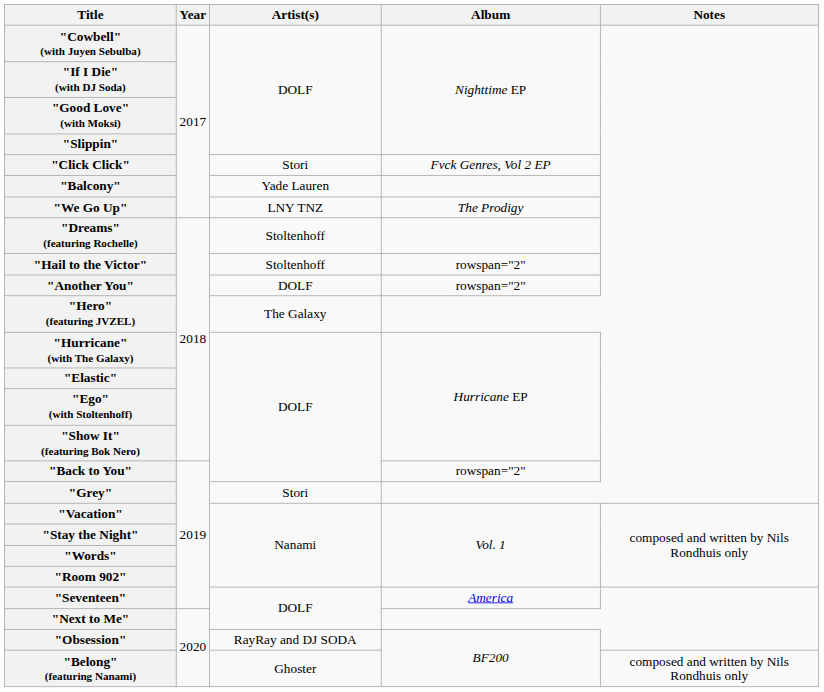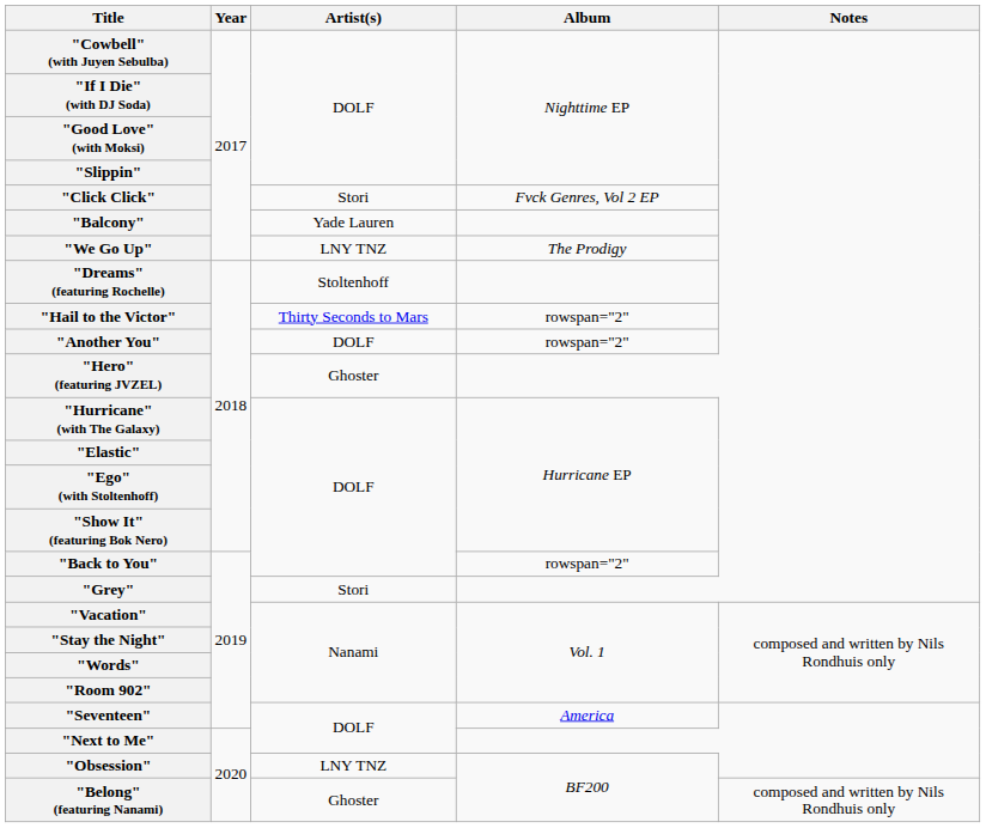 <table class="wikitable plainrowheaders" style="text-align:center;">
 <tr>
 <th scope="col" style="width:200px;">Title</th>
 <th scope="col">Year</th>
 <th scope="col" style="width:200px;">Artist(s)</th>
 <th scope="col" style="width:16em;">Album</th>
 <th scope="col" style="width:16em;">Notes</th>
 </tr>
 <tr>
 <th scope="row">"Cowbell"<br><small>(with Juyen Sebulba)</small></th>
 <td rowspan="7">2017</td>
 <td rowspan="4">DOLF</td>
 <td rowspan="4"><em>Nighttime</em> EP</td>
 </tr>
 <tr>
 <th scope="row">"If I Die"<br><small>(with DJ Soda)</small></th>
 </tr>
 <tr>
 <th scope="row">"Good Love"<br><small>(with Moksi)</small></th>
 </tr>
 <tr>
 <th scope="row">"Slippin"</th>
 </tr>
 <tr>
 <th scope="row">"Click Click"</th>
 <td>Stori</td>
 <td><em>Fvck Genres, Vol 2 EP</em></td>
 </tr>
 <tr>
 <th scope="row">"Balcony"</th>
 <td>Yade Lauren</td>
 <td></td>
 </tr>
 <tr>
 <th scope="row">"We Go Up"</th>
 <td>LNY TNZ</td>
 <td><em> The Prodigy</em></td>
 </tr>
 <tr>
 <th scope="row">"Dreams"<br><small>(featuring Rochelle)</small></th>
 <td rowspan="8">2018</td>
 <td>Stoltenhoff</td>
 <td></td>
 </tr>
 <tr>
 <th scope="row">"Hail to the Victor"</th>
-<td>Stoltenhoff</td>
+<td><a href='#'>Thirty Seconds to Mars</a></td>
 <td>rowspan="2" </td>
 </tr>
 <tr>
 <th scope="row">"Another You"</th>
 <td>DOLF</td>
 <td>rowspan="2" </td>
 </tr>
 <tr>
 <th scope="row">"Hero"<br><small>(featuring JVZEL)</small></th>
-<td>The Galaxy</td>
+<td>Ghoster</td>
 </tr>
 <tr>
 <th scope="row">"Hurricane"<br><small>(with The Galaxy)</small></th>
 <td rowspan="5">DOLF</td>
 <td rowspan="4"><em>Hurricane</em> EP</td>
 </tr>
 <tr>
 <th scope="row">"Elastic"</th>
 </tr>
 <tr>
 <th scope="row">"Ego"<br><small>(with Stoltenhoff)</small></th>
 </tr>
 <tr>
 <th scope="row">"Show It"<br><small>(featuring Bok Nero)</small></th>
 </tr>
 <tr>
 <th scope="row">"Back to You"</th>
 <td rowspan="7">2019</td>
 <td>rowspan="2" </td>
 </tr>
 <tr>
 <th scope="row">"Grey"</th>
 <td>Stori</td>
 </tr>
 <tr>
 <th scope="row">"Vacation"</th>
 <td rowspan="4">Nanami</td>
 <td rowspan="4"><em>Vol. 1</em></td>
 <td rowspan="4">composed and written by Nils Rondhuis only</td>
 </tr>
 <tr>
 <th scope="row">"Stay the Night"</th>
 </tr>
 <tr>
 <th scope="row">"Words"</th>
 </tr>
 <tr>
 <th scope="row">"Room 902"</th>
 </tr>
 <tr>
 <th scope="row">"Seventeen"</th>
 <td rowspan="2">DOLF</td>
 <td><em><a href='#'>America</a></em></td>
 </tr>
 <tr>
 <th scope="row">"Next to Me"</th>
 <td rowspan="3">2020</td>
 </tr>
 <tr>
 <th scope="row">"Obsession"</th>
-<td>RayRay and DJ SODA</td>
+<td>LNY TNZ</td>
 <td rowspan="2"><em>BF200</em></td>
 </tr>
 <tr>
 <th scope="row">"Belong"<br><small>(featuring Nanami)</small></th>
 <td>Ghoster</td>
 <td>composed and written by Nils Rondhuis only</td>
 </tr>
 </table>
